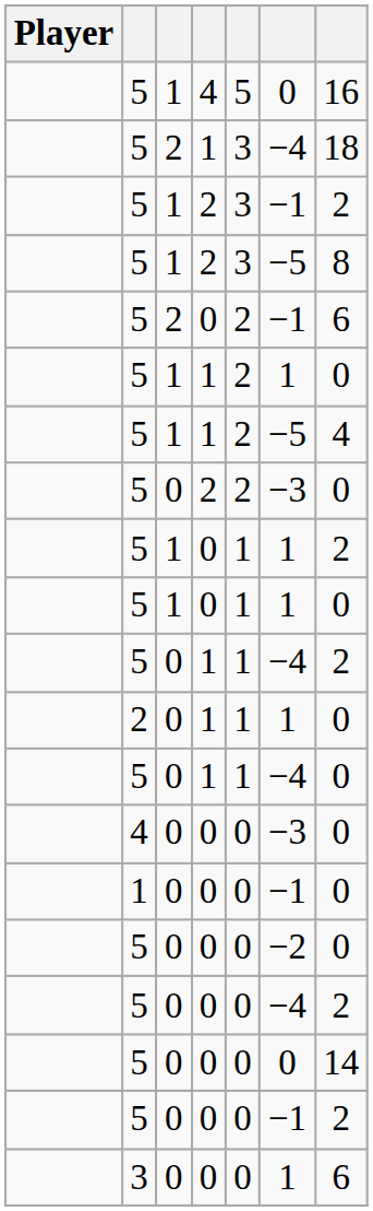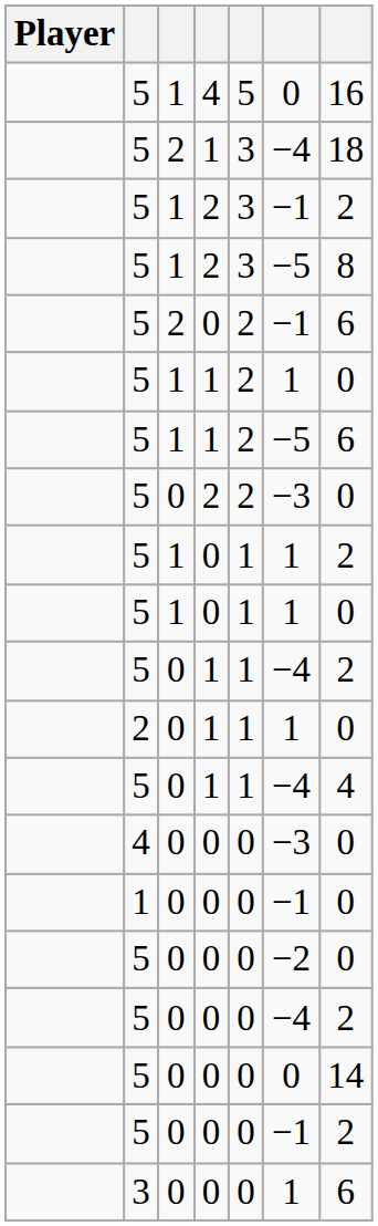 <table class="wikitable sortable" style="text-align:center;">
 <tr align=center>
 <th>Player</th>
 <th></th>
 <th></th>
 <th></th>
 <th></th>
 <th data-sort-type="number"></th>
 <th></th>
 </tr>
 <tr>
 <td></td>
 <td>5</td>
 <td>1</td>
 <td>4</td>
 <td>5</td>
 <td>0</td>
 <td>16</td>
 </tr>
 <tr>
 <td></td>
 <td>5</td>
 <td>2</td>
 <td>1</td>
 <td>3</td>
 <td>−4</td>
 <td>18</td>
 </tr>
 <tr>
 <td></td>
 <td>5</td>
 <td>1</td>
 <td>2</td>
 <td>3</td>
 <td>−1</td>
 <td>2</td>
 </tr>
 <tr>
 <td></td>
 <td>5</td>
 <td>1</td>
 <td>2</td>
 <td>3</td>
 <td>−5</td>
 <td>8</td>
 </tr>
 <tr>
 <td></td>
 <td>5</td>
 <td>2</td>
 <td>0</td>
 <td>2</td>
 <td>−1</td>
 <td>6</td>
 </tr>
 <tr>
 <td></td>
 <td>5</td>
 <td>1</td>
 <td>1</td>
 <td>2</td>
 <td>1</td>
 <td>0</td>
 </tr>
 <tr>
 <td></td>
 <td>5</td>
 <td>1</td>
 <td>1</td>
 <td>2</td>
 <td>−5</td>
-<td>4</td>
+<td>6</td>
 </tr>
 <tr>
 <td></td>
 <td>5</td>
 <td>0</td>
 <td>2</td>
 <td>2</td>
 <td>−3</td>
 <td>0</td>
 </tr>
 <tr>
 <td></td>
 <td>5</td>
 <td>1</td>
 <td>0</td>
 <td>1</td>
 <td>1</td>
 <td>2</td>
 </tr>
 <tr>
 <td></td>
 <td>5</td>
 <td>1</td>
 <td>0</td>
 <td>1</td>
 <td>1</td>
 <td>0</td>
 </tr>
 <tr>
 <td></td>
 <td>5</td>
 <td>0</td>
 <td>1</td>
 <td>1</td>
 <td>−4</td>
 <td>2</td>
 </tr>
 <tr>
 <td></td>
 <td>2</td>
 <td>0</td>
 <td>1</td>
 <td>1</td>
 <td>1</td>
 <td>0</td>
 </tr>
 <tr>
 <td></td>
 <td>5</td>
 <td>0</td>
 <td>1</td>
 <td>1</td>
 <td>−4</td>
-<td>0</td>
+<td>4</td>
 </tr>
 <tr>
 <td></td>
 <td>4</td>
 <td>0</td>
 <td>0</td>
 <td>0</td>
 <td>−3</td>
 <td>0</td>
 </tr>
 <tr>
 <td></td>
 <td>1</td>
 <td>0</td>
 <td>0</td>
 <td>0</td>
 <td>−1</td>
 <td>0</td>
 </tr>
 <tr>
 <td></td>
 <td>5</td>
 <td>0</td>
 <td>0</td>
 <td>0</td>
 <td>−2</td>
 <td>0</td>
 </tr>
 <tr>
 <td></td>
 <td>5</td>
 <td>0</td>
 <td>0</td>
 <td>0</td>
 <td>−4</td>
 <td>2</td>
 </tr>
 <tr>
 <td></td>
 <td>5</td>
 <td>0</td>
 <td>0</td>
 <td>0</td>
 <td>0</td>
 <td>14</td>
 </tr>
 <tr>
 <td></td>
 <td>5</td>
 <td>0</td>
 <td>0</td>
 <td>0</td>
 <td>−1</td>
 <td>2</td>
 </tr>
 <tr>
 <td></td>
 <td>3</td>
 <td>0</td>
 <td>0</td>
 <td>0</td>
 <td>1</td>
 <td>6</td>
 </tr>
 </table>
